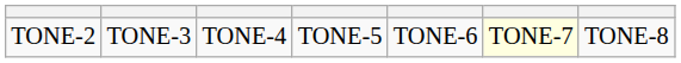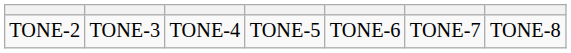 <table class="wikitable">
 <tr align="center" style="font-size: 18px">
 <th></th>
 <th></th>
 <th></th>
 <th></th>
 <th></th>
 <th></th>
 <th></th>
 </tr>
 <tr align="center">
 <td>TONE-2</td>
 <td>TONE-3</td>
 <td>TONE-4</td>
 <td>TONE-5</td>
 <td>TONE-6</td>
-<td style="background: lightyellow;">TONE-7</td>
+<td>TONE-7</td>
 <td>TONE-8</td>
 </tr>
 </table>
